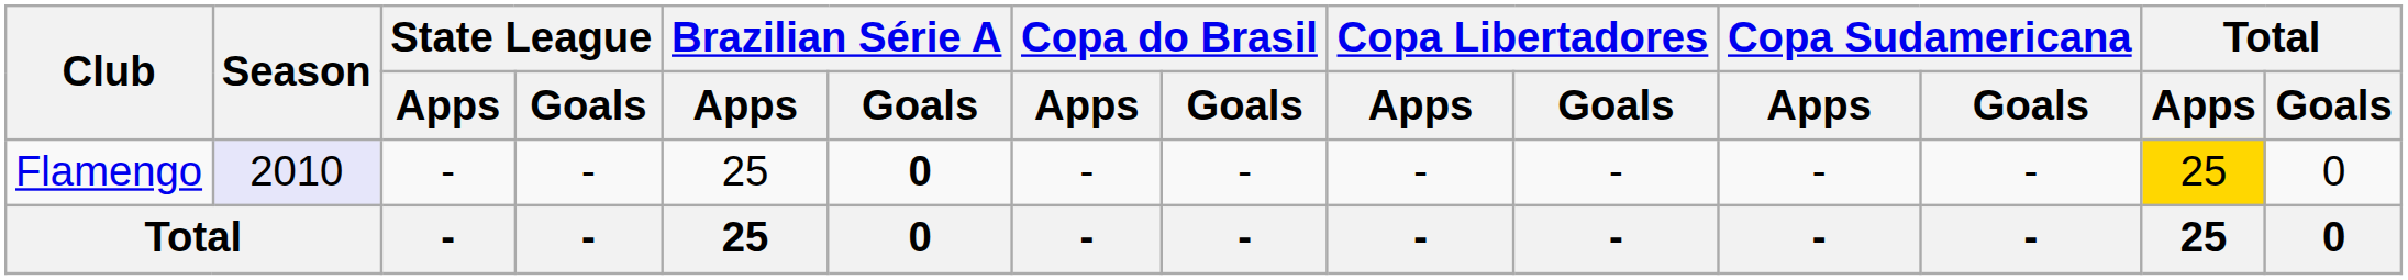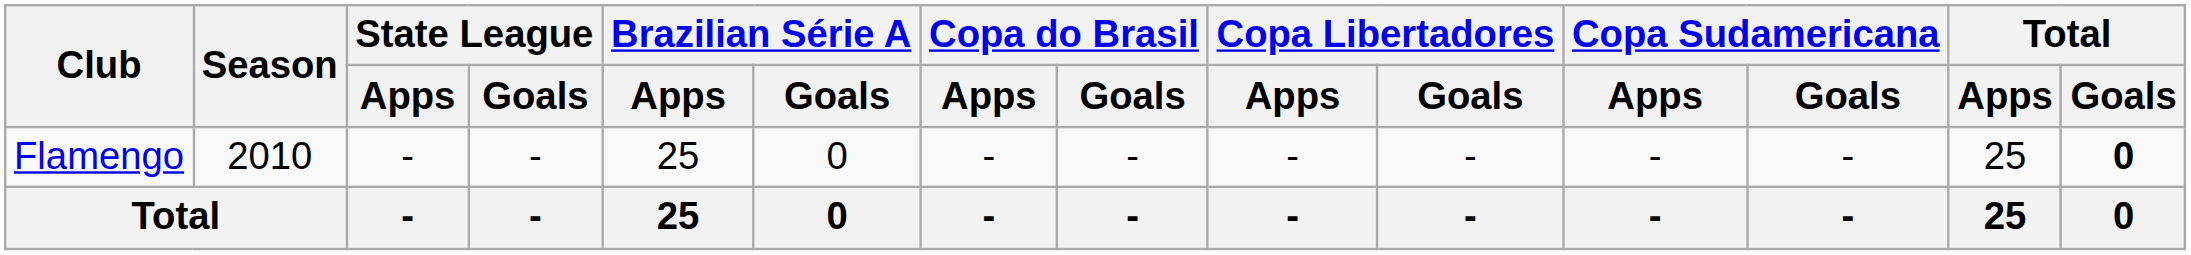 <table class="wikitable" style="text-align: center;">
 <tr>
 <th rowspan="2">Club</th>
 <th rowspan="2">Season</th>
 <th colspan="2">State League</th>
 <th colspan="2"><a href='#'>Brazilian Série A</a></th>
 <th colspan="2"><a href='#'>Copa do Brasil</a></th>
 <th colspan="2"><a href='#'>Copa Libertadores</a></th>
 <th colspan="2"><a href='#'>Copa Sudamericana</a></th>
 <th colspan="2">Total</th>
 </tr>
 <tr>
 <th>Apps</th>
 <th>Goals</th>
 <th>Apps</th>
 <th>Goals</th>
 <th>Apps</th>
 <th>Goals</th>
 <th>Apps</th>
 <th>Goals</th>
 <th>Apps</th>
 <th>Goals</th>
 <th>Apps</th>
 <th>Goals</th>
 </tr>
 <tr>
 <td rowspan="1" valign="center"><a href='#'>Flamengo</a></td>
-<td style="background: lavender;">2010</td>
+<td>2010</td>
 <td>-</td>
 <td>-</td>
 <td>25</td>
-<td><strong>0</strong></td>
+<td>0</td>
 <td>-</td>
 <td>-</td>
 <td>-</td>
 <td>-</td>
 <td>-</td>
 <td>-</td>
-<td style="background: gold;">25</td>
-<td>0</td>
+<td>25</td>
+<td><strong>0</strong></td>
 </tr>
 <tr>
 <th colspan="2"><strong>Total</strong></th>
 <th>-</th>
 <th>-</th>
 <th>25</th>
 <th>0</th>
 <th>-</th>
 <th>-</th>
 <th>-</th>
 <th>-</th>
 <th>-</th>
 <th>-</th>
 <th>25</th>
 <th>0</th>
 </tr>
 </table>
